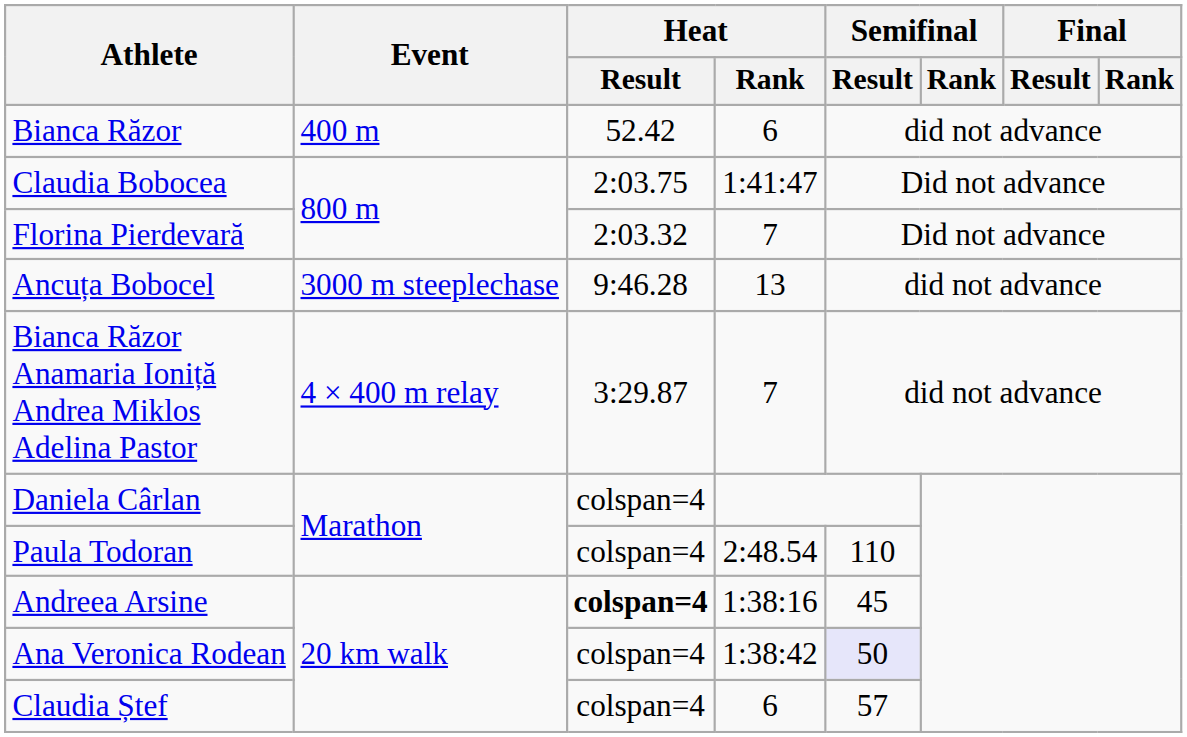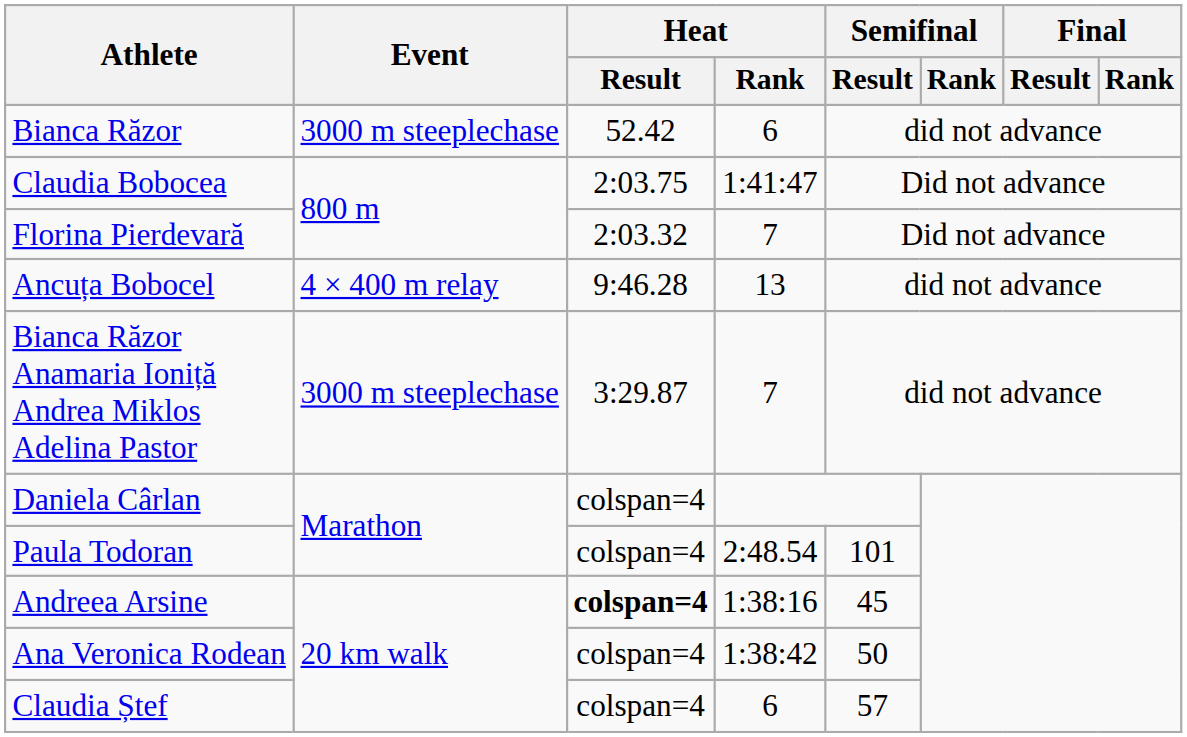 <table class="wikitable" style="font-size:90%">
 <tr>
 <th rowspan="2">Athlete</th>
 <th rowspan="2">Event</th>
 <th colspan="2">Heat</th>
 <th colspan="2">Semifinal</th>
 <th colspan="2">Final</th>
 </tr>
 <tr style="font-size:95%">
 <th>Result</th>
 <th>Rank</th>
 <th>Result</th>
 <th>Rank</th>
 <th>Result</th>
 <th>Rank</th>
 </tr>
 <tr align=center>
 <td align=left><a href='#'>Bianca Răzor</a></td>
-<td align=left><a href='#'>400 m</a></td>
+<td align=left><a href='#'>3000 m steeplechase</a></td>
 <td>52.42</td>
 <td>6</td>
 <td colspan=4>did not advance</td>
 </tr>
 <tr align=center>
 <td align=left><a href='#'>Claudia Bobocea</a></td>
 <td align=left rowspan=2><a href='#'>800 m</a></td>
 <td>2:03.75</td>
 <td>1:41:47</td>
 <td colspan = 4>Did not advance</td>
 </tr>
 <tr align=center>
 <td align=left><a href='#'>Florina Pierdevară</a></td>
 <td>2:03.32</td>
 <td>7</td>
 <td colspan = 4>Did not advance</td>
 </tr>
 <tr align=center>
 <td align=left><a href='#'>Ancuța Bobocel</a></td>
-<td align=left><a href='#'>3000 m steeplechase</a></td>
+<td align=left><a href='#'>4 × 400 m relay</a></td>
 <td>9:46.28</td>
 <td>13</td>
 <td colspan=4>did not advance</td>
 </tr>
 <tr align=center>
 <td align=left><a href='#'>Bianca Răzor</a><br><a href='#'>Anamaria Ioniță</a><br><a href='#'>Andrea Miklos</a><br><a href='#'>Adelina Pastor</a></td>
-<td align=left><a href='#'>4 × 400 m relay</a></td>
+<td align=left><a href='#'>3000 m steeplechase</a></td>
 <td>3:29.87</td>
 <td>7</td>
 <td colspan=4>did not advance</td>
 </tr>
 <tr align=center>
 <td align=left><a href='#'>Daniela Cârlan</a></td>
 <td align=left rowspan=2><a href='#'>Marathon</a></td>
 <td>colspan=4 </td>
 <td colspan=2></td>
 </tr>
 <tr align=center>
 <td align=left><a href='#'>Paula Todoran</a></td>
 <td>colspan=4 </td>
 <td>2:48.54</td>
-<td>110</td>
+<td>101</td>
 </tr>
 <tr align=center>
 <td align=left><a href='#'>Andreea Arsine</a></td>
 <td align=left rowspan=3><a href='#'>20 km walk</a></td>
 <td><strong>colspan=4 </strong></td>
 <td>1:38:16</td>
 <td>45</td>
 </tr>
 <tr align=center>
 <td align=left><a href='#'>Ana Veronica Rodean</a></td>
 <td>colspan=4 </td>
 <td>1:38:42</td>
-<td style="background: lavender;">50</td>
+<td>50</td>
 </tr>
 <tr align=center>
 <td align=left><a href='#'>Claudia Ștef</a></td>
 <td>colspan=4 </td>
 <td>6</td>
 <td>57</td>
 </tr>
 </table>
